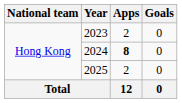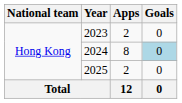 <table class="wikitable" style="text-align:center">
 <tr>
 <th>National team</th>
 <th>Year</th>
 <th>Apps</th>
 <th>Goals</th>
 </tr>
 <tr>
 <td rowspan="3"><a href='#'>Hong Kong</a></td>
 <td>2023</td>
 <td>2</td>
 <td>0</td>
 </tr>
 <tr>
 <td>2024</td>
-<td><strong>8</strong></td>
-<td>0</td>
+<td>8</td>
+<td style="background: lightblue;">0</td>
 </tr>
 <tr>
 <td>2025</td>
 <td>2</td>
 <td>0</td>
 </tr>
 <tr>
 <th colspan="2">Total</th>
 <th>12</th>
 <th>0</th>
 </tr>
 </table>
